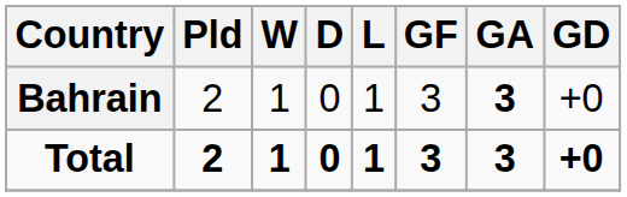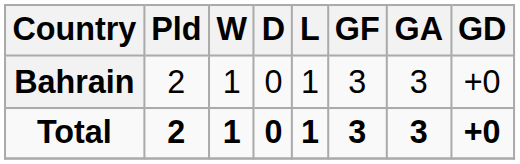 <table class="wikitable plainrowheaders sortable" style="text-align:center">
 <tr>
 <th scope=col>Country</th>
 <th scope=col>Pld</th>
 <th scope=col>W</th>
 <th scope=col>D</th>
 <th scope=col>L</th>
 <th scope=col>GF</th>
 <th scope=col>GA</th>
 <th scope=col>GD</th>
 </tr>
 <tr>
 <th scope=row> Bahrain</th>
 <td>2</td>
 <td>1</td>
 <td>0</td>
 <td>1</td>
 <td>3</td>
-<td><strong>3</strong></td>
+<td>3</td>
 <td>+0</td>
 </tr>
 <tr>
 <td align-"center"><strong>Total</strong></td>
 <td><strong>2</strong></td>
 <td><strong>1</strong></td>
 <td><strong>0</strong></td>
 <td><strong>1</strong></td>
 <td><strong>3</strong></td>
 <td><strong>3</strong></td>
 <td><strong>+0</strong></td>
 </tr>
 <tr>
 </tr>
 </table>
